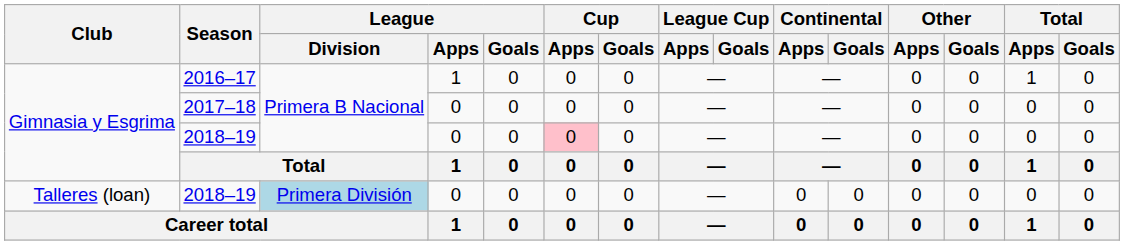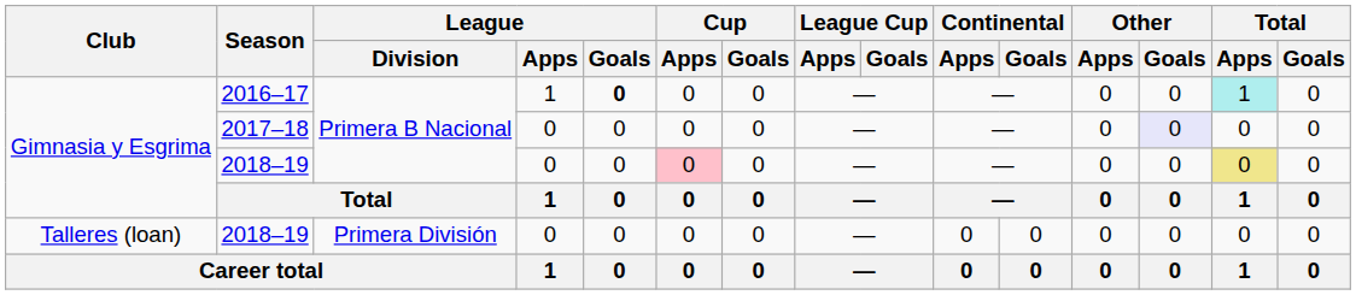 <table class="wikitable" style="text-align:center">
 <tr>
 <th rowspan="2">Club</th>
 <th rowspan="2">Season</th>
 <th colspan="3">League</th>
 <th colspan="2">Cup</th>
 <th colspan="2">League Cup</th>
 <th colspan="2">Continental</th>
 <th colspan="2">Other</th>
 <th colspan="2">Total</th>
 </tr>
 <tr>
 <th>Division</th>
 <th>Apps</th>
 <th>Goals</th>
 <th>Apps</th>
 <th>Goals</th>
 <th>Apps</th>
 <th>Goals</th>
 <th>Apps</th>
 <th>Goals</th>
 <th>Apps</th>
 <th>Goals</th>
 <th>Apps</th>
 <th>Goals</th>
 </tr>
 <tr>
 <td rowspan="4"><a href='#'>Gimnasia y Esgrima</a></td>
 <td><a href='#'>2016–17</a></td>
 <td rowspan="3"><a href='#'>Primera B Nacional</a></td>
 <td>1</td>
-<td>0</td>
+<td><strong>0</strong></td>
 <td>0</td>
 <td>0</td>
 <td colspan="2">—</td>
 <td colspan="2">—</td>
 <td>0</td>
 <td>0</td>
-<td>1</td>
+<td style="background: paleturquoise;">1</td>
 <td>0</td>
 </tr>
 <tr>
 <td><a href='#'>2017–18</a></td>
 <td>0</td>
 <td>0</td>
 <td>0</td>
 <td>0</td>
 <td colspan="2">—</td>
 <td colspan="2">—</td>
 <td>0</td>
-<td>0</td>
+<td style="background: lavender;">0</td>
 <td>0</td>
 <td>0</td>
 </tr>
 <tr>
 <td><a href='#'>2018–19</a></td>
 <td>0</td>
 <td>0</td>
 <td style="background: pink;">0</td>
 <td>0</td>
 <td colspan="2">—</td>
 <td colspan="2">—</td>
 <td>0</td>
 <td>0</td>
-<td>0</td>
+<td style="background: khaki;">0</td>
 <td>0</td>
 </tr>
 <tr>
 <th colspan="2">Total</th>
 <th>1</th>
 <th>0</th>
 <th>0</th>
 <th>0</th>
 <th colspan="2">—</th>
 <th colspan="2">—</th>
 <th>0</th>
 <th>0</th>
 <th>1</th>
 <th>0</th>
 </tr>
 <tr>
 <td rowspan="1"><a href='#'>Talleres</a> (loan)</td>
 <td><a href='#'>2018–19</a></td>
-<td rowspan="1" style="background: lightblue;"><a href='#'>Primera División</a></td>
+<td rowspan="1"><a href='#'>Primera División</a></td>
 <td>0</td>
 <td>0</td>
 <td>0</td>
 <td>0</td>
 <td colspan="2">—</td>
 <td>0</td>
 <td>0</td>
 <td>0</td>
 <td>0</td>
 <td>0</td>
 <td>0</td>
 </tr>
 <tr>
 <th colspan="3">Career total</th>
 <th>1</th>
 <th>0</th>
 <th>0</th>
 <th>0</th>
 <th colspan="2">—</th>
 <th>0</th>
 <th>0</th>
 <th>0</th>
 <th>0</th>
 <th>1</th>
 <th>0</th>
 </tr>
 </table>
